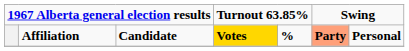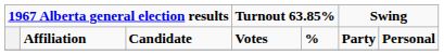 <table class="wikitable">
 <tr>
 <td colspan="3" align=center><strong><a href='#'>1967 Alberta general election</a> results</strong></td>
 <td colspan="2"><strong>Turnout 63.85%</strong></td>
 <td colspan="2" align=center><strong>Swing</strong></td>
 </tr>
 <tr>
 <th style="width: 10px;"></th>
 <td><strong>Affiliation</strong></td>
 <td><strong>Candidate</strong></td>
-<td style="background: gold;"><strong>Votes</strong></td>
+<td><strong>Votes</strong></td>
 <td><strong>%</strong></td>
-<td style="background: lightsalmon;"><strong>Party</strong></td>
+<td><strong>Party</strong></td>
 <td><strong>Personal</strong><br>       </td>
 </tr>
 <tr>
 </tr>
 </table>
